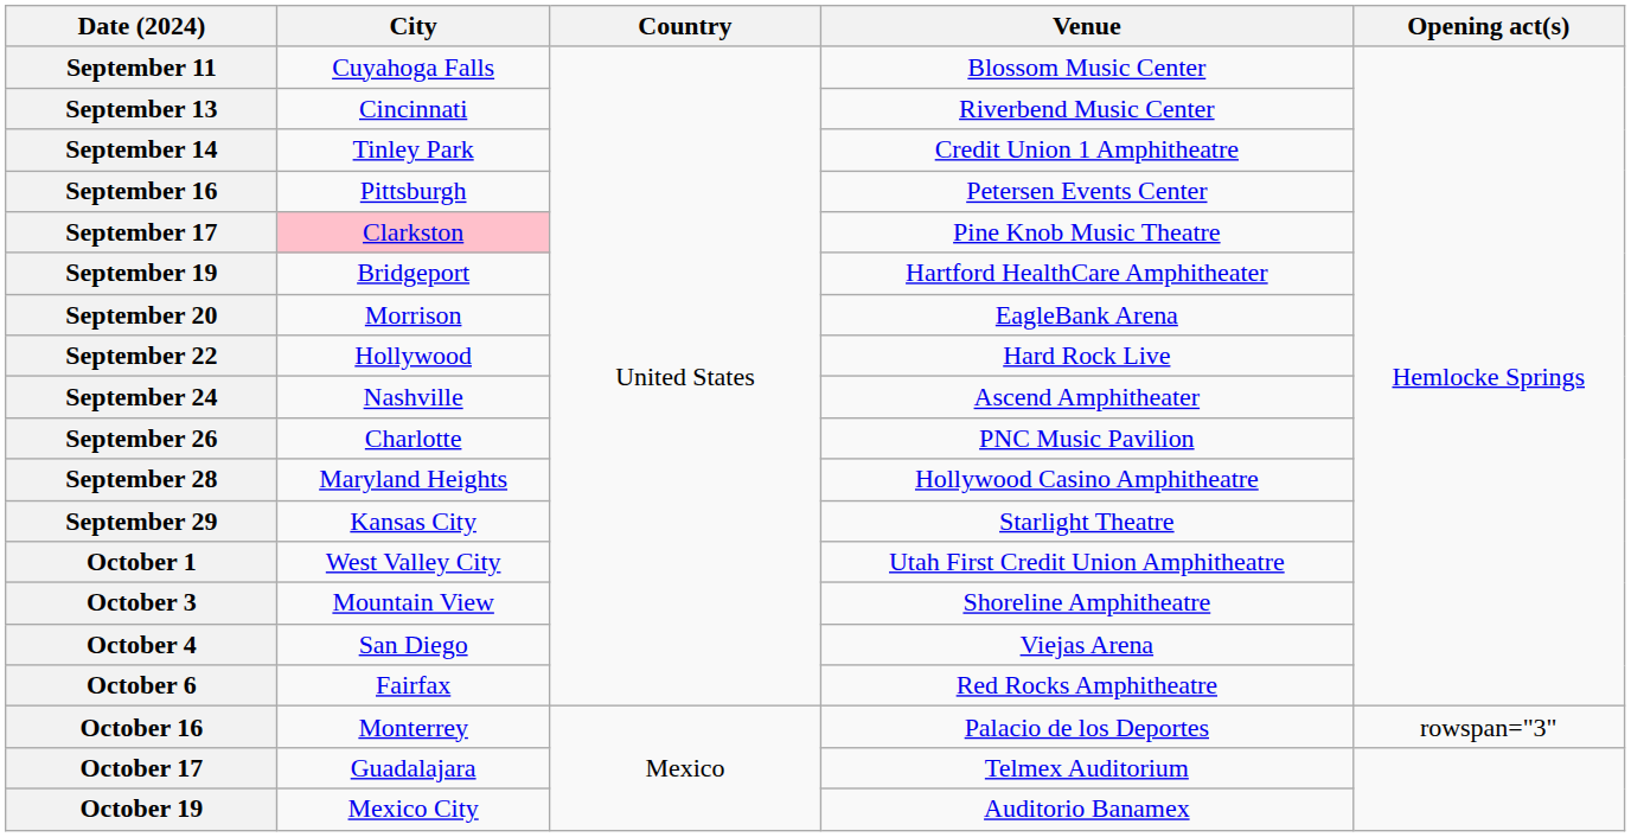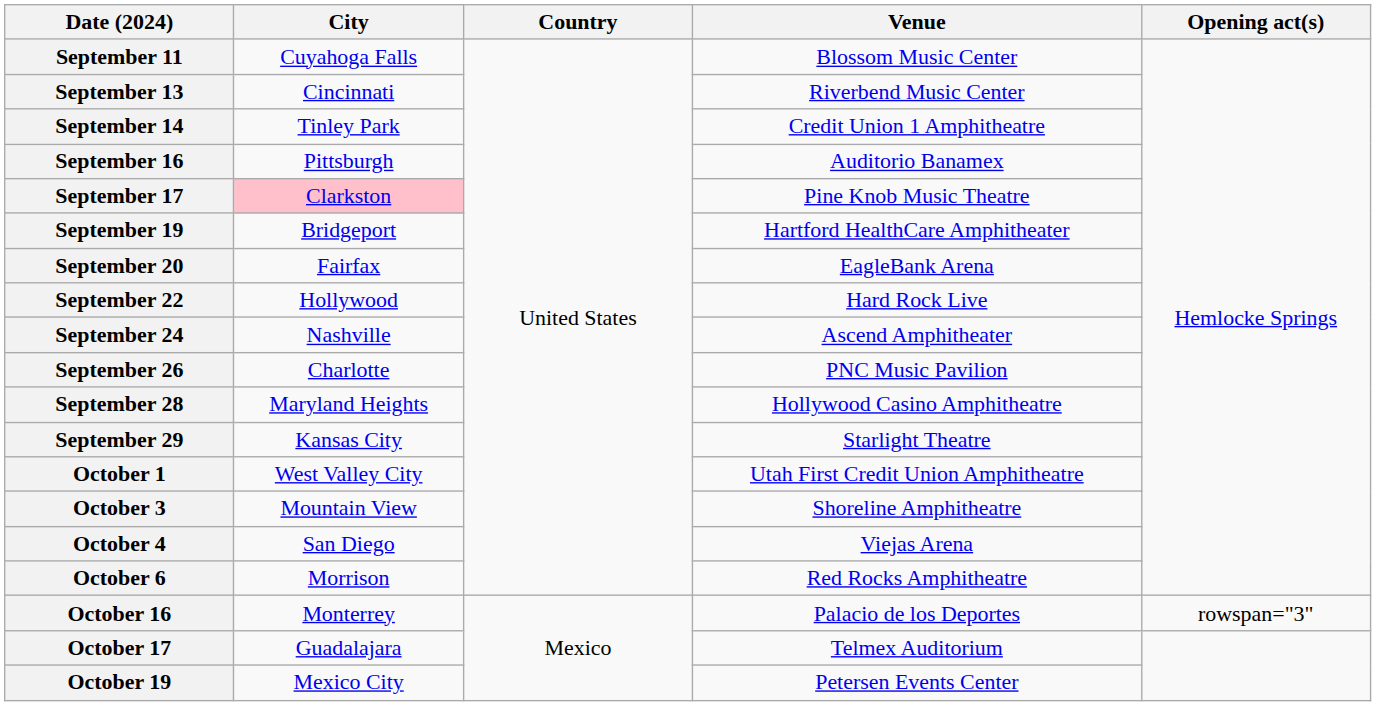 <table class="wikitable plainrowheaders" style="text-align:center;">
 <tr>
 <th scope="col" style="width:10em;">Date (2024)</th>
 <th scope="col" style="width:10em;">City</th>
 <th scope="col" style="width:10em;">Country</th>
 <th scope="col" style="width:20em;">Venue</th>
 <th scope="col" style="width:10em;">Opening act(s)</th>
 </tr>
 <tr>
 <th scope="row" style="text-align:center;">September 11</th>
 <td><a href='#'>Cuyahoga Falls</a></td>
 <td rowspan="16">United States</td>
 <td><a href='#'>Blossom Music Center</a></td>
 <td rowspan="16"><a href='#'>Hemlocke Springs</a></td>
 </tr>
 <tr>
 <th scope="row" style="text-align:center;">September 13</th>
 <td><a href='#'>Cincinnati</a></td>
 <td><a href='#'>Riverbend Music Center</a></td>
 </tr>
 <tr>
 <th scope="row" style="text-align:center;">September 14</th>
 <td><a href='#'>Tinley Park</a></td>
 <td><a href='#'>Credit Union 1 Amphitheatre</a></td>
 </tr>
 <tr>
 <th scope="row" style="text-align:center;">September 16</th>
 <td><a href='#'>Pittsburgh</a></td>
-<td><a href='#'>Petersen Events Center</a></td>
+<td><a href='#'>Auditorio Banamex</a></td>
 </tr>
 <tr>
 <th scope="row" style="text-align:center;">September 17</th>
 <td style="background: pink;"><a href='#'>Clarkston</a></td>
 <td><a href='#'>Pine Knob Music Theatre</a></td>
 </tr>
 <tr>
 <th scope="row" style="text-align:center;">September 19</th>
 <td><a href='#'>Bridgeport</a></td>
 <td><a href='#'>Hartford HealthCare Amphitheater</a></td>
 </tr>
 <tr>
 <th scope="row" style="text-align:center;">September 20</th>
-<td><a href='#'>Morrison</a></td>
+<td><a href='#'>Fairfax</a></td>
 <td><a href='#'>EagleBank Arena</a></td>
 </tr>
 <tr>
 <th scope="row" style="text-align:center;">September 22</th>
 <td><a href='#'>Hollywood</a></td>
 <td><a href='#'>Hard Rock Live</a></td>
 </tr>
 <tr>
 <th scope="row" style="text-align:center;">September 24</th>
 <td><a href='#'>Nashville</a></td>
 <td><a href='#'>Ascend Amphitheater</a></td>
 </tr>
 <tr>
 <th scope="row" style="text-align:center;">September 26</th>
 <td><a href='#'>Charlotte</a></td>
 <td><a href='#'>PNC Music Pavilion</a></td>
 </tr>
 <tr>
 <th scope="row" style="text-align:center;">September 28</th>
 <td><a href='#'>Maryland Heights</a></td>
 <td><a href='#'>Hollywood Casino Amphitheatre</a></td>
 </tr>
 <tr>
 <th scope="row" style="text-align:center;">September 29</th>
 <td><a href='#'>Kansas City</a></td>
 <td><a href='#'>Starlight Theatre</a></td>
 </tr>
 <tr>
 <th scope="row" style="text-align:center;">October 1</th>
 <td><a href='#'>West Valley City</a></td>
 <td><a href='#'>Utah First Credit Union Amphitheatre</a></td>
 </tr>
 <tr>
 <th scope="row" style="text-align:center;">October 3</th>
 <td><a href='#'>Mountain View</a></td>
 <td><a href='#'>Shoreline Amphitheatre</a></td>
 </tr>
 <tr>
 <th scope="row" style="text-align:center;">October 4</th>
 <td><a href='#'>San Diego</a></td>
 <td><a href='#'>Viejas Arena</a></td>
 </tr>
 <tr>
 <th scope="row" style="text-align:center;">October 6</th>
-<td><a href='#'>Fairfax</a></td>
+<td><a href='#'>Morrison</a></td>
 <td><a href='#'>Red Rocks Amphitheatre</a></td>
 </tr>
 <tr>
 <th scope="row" style="text-align:center;">October 16</th>
 <td><a href='#'>Monterrey</a></td>
 <td rowspan="3">Mexico</td>
 <td><a href='#'>Palacio de los Deportes</a></td>
 <td>rowspan="3" </td>
 </tr>
 <tr>
 <th scope="row" style="text-align:center;">October 17</th>
 <td><a href='#'>Guadalajara</a></td>
 <td><a href='#'>Telmex Auditorium</a></td>
 </tr>
 <tr>
 <th scope="row" style="text-align:center;">October 19</th>
 <td><a href='#'>Mexico City</a></td>
-<td><a href='#'>Auditorio Banamex</a></td>
+<td><a href='#'>Petersen Events Center</a></td>
 </tr>
 </table>
